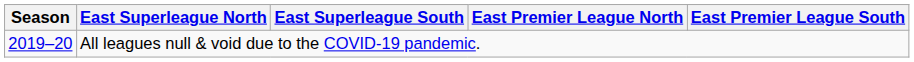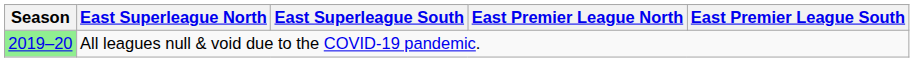 <table class="wikitable">
 <tr>
 <th rowspan=1>Season</th>
 <th colspan=1><a href='#'>East Superleague North</a></th>
 <th colspan=1><a href='#'>East Superleague South</a></th>
 <th rowspan=1><a href='#'>East Premier League North</a></th>
 <th rowspan=1><a href='#'>East Premier League South</a></th>
 </tr>
 <tr>
-<td style="text-align:left;"><a href='#'>2019–20</a></td>
+<td style="background: lightgreen; text-align:left;"><a href='#'>2019–20</a></td>
 <td colspan=4>All leagues null & void due to the <a href='#'>COVID-19 pandemic</a>.</td>
 </tr>
 </table>
